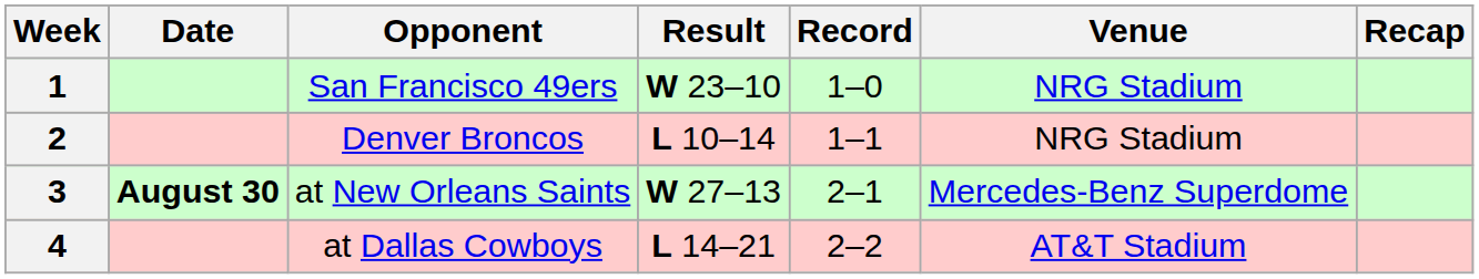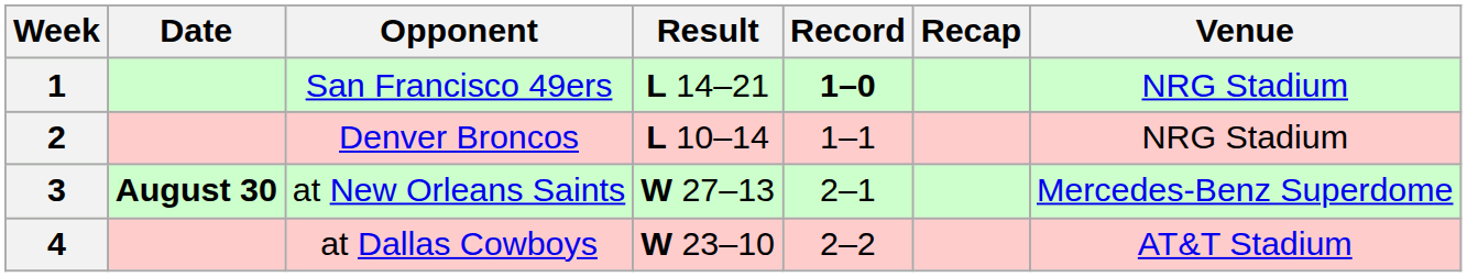 <table class="wikitable" style="text-align:center">
 <tr>
 <th>Week</th>
 <th>Date</th>
 <th>Opponent</th>
 <th>Result</th>
 <th>Record</th>
+<th>Recap</th>
 <th>Venue</th>
-<th>Recap</th>
 </tr>
 <tr style="background:#cfc">
 <th>1</th>
 <td></td>
 <td><a href='#'>San Francisco 49ers</a></td>
-<td><strong>W</strong> 23–10</td>
-<td>1–0</td>
+<td><strong>L</strong> 14–21</td>
+<td><strong>1–0</strong></td>
+<td></td>
 <td><a href='#'>NRG Stadium</a></td>
-<td></td>
 </tr>
 <tr style="background:#fcc">
 <th>2</th>
 <td></td>
 <td><a href='#'>Denver Broncos</a></td>
 <td><strong>L</strong> 10–14</td>
 <td>1–1</td>
+<td></td>
 <td>NRG Stadium</td>
-<td></td>
 </tr>
 <tr style="background:#cfc">
 <th>3</th>
 <td><strong>August 30</strong></td>
 <td>at <a href='#'>New Orleans Saints</a></td>
 <td><strong>W</strong> 27–13</td>
 <td>2–1</td>
+<td></td>
 <td><a href='#'>Mercedes-Benz Superdome</a></td>
-<td></td>
 </tr>
 <tr style="background:#fcc">
 <th>4</th>
 <td></td>
 <td>at <a href='#'>Dallas Cowboys</a></td>
-<td><strong>L</strong> 14–21</td>
+<td><strong>W</strong> 23–10</td>
 <td>2–2</td>
+<td></td>
 <td><a href='#'>AT&T Stadium</a></td>
-<td></td>
 </tr>
 </table>
